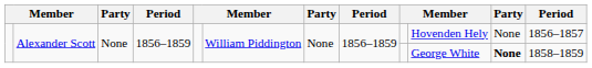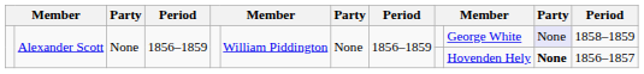 <table class="wikitable">
 <tr>
 <th colspan="2">Member</th>
 <th>Party</th>
 <th>Period</th>
 <th colspan="2">Member</th>
 <th>Party</th>
 <th>Period</th>
 <th colspan="2">Member</th>
 <th>Party</th>
 <th>Period</th>
 </tr>
 <tr>
 <td rowspan="2" > </td>
 <td rowspan="2"><a href='#'>Alexander Scott</a></td>
 <td rowspan="2">None</td>
 <td rowspan="2">1856–1859</td>
 <td rowspan="2" > </td>
 <td rowspan="2"><a href='#'>William Piddington</a></td>
 <td rowspan="2">None</td>
 <td rowspan="2">1856–1859</td>
 <td> </td>
-<td><a href='#'>Hovenden Hely</a></td>
-<td>None</td>
-<td>1856–1857</td>
+<td><a href='#'>George White</a></td>
+<td style="background: lavender;">None</td>
+<td>1858–1859</td>
 </tr>
 <tr>
 <td> </td>
-<td><a href='#'>George White</a></td>
+<td><a href='#'>Hovenden Hely</a></td>
 <td><strong>None</strong></td>
-<td>1858–1859</td>
+<td>1856–1857</td>
 </tr>
 </table>
